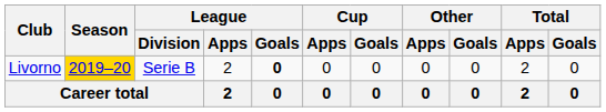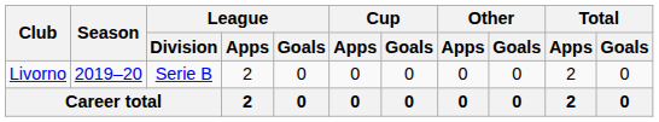 <table class="wikitable" style="text-align: center">
 <tr>
 <th rowspan="2">Club</th>
 <th rowspan="2">Season</th>
 <th colspan="3">League</th>
 <th colspan="2">Cup</th>
 <th colspan="2">Other</th>
 <th colspan="2">Total</th>
 </tr>
 <tr>
 <th>Division</th>
 <th>Apps</th>
 <th>Goals</th>
 <th>Apps</th>
 <th>Goals</th>
 <th>Apps</th>
 <th>Goals</th>
 <th>Apps</th>
 <th>Goals</th>
 </tr>
 <tr>
 <td><a href='#'>Livorno</a></td>
-<td style="background: gold;"><a href='#'>2019–20</a></td>
+<td><a href='#'>2019–20</a></td>
 <td><a href='#'>Serie B</a></td>
 <td>2</td>
-<td><strong>0</strong></td>
+<td>0</td>
 <td>0</td>
 <td>0</td>
 <td>0</td>
 <td>0</td>
 <td>2</td>
 <td>0</td>
 </tr>
 <tr>
 <th colspan="3">Career total</th>
 <th>2</th>
 <th>0</th>
 <th>0</th>
 <th>0</th>
 <th>0</th>
 <th>0</th>
 <th>2</th>
 <th>0</th>
 </tr>
 </table>
